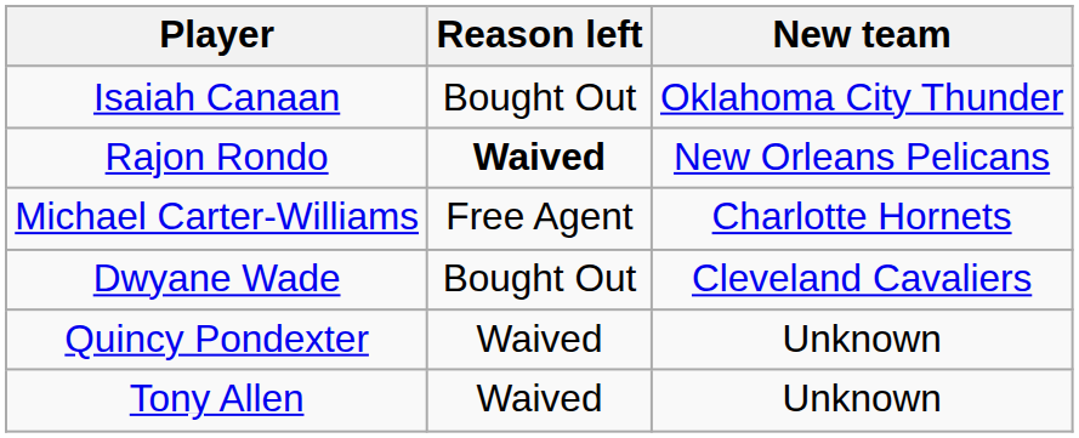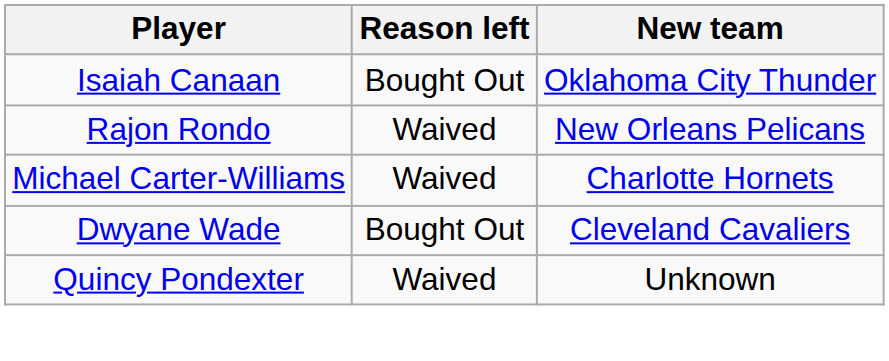 <table class="wikitable sortable sortable" style="text-align: center">
 <tr>
 <th>Player</th>
 <th>Reason left</th>
 <th>New team</th>
 </tr>
 <tr style="text-align: center">
 <td><a href='#'>Isaiah Canaan</a></td>
 <td>Bought Out</td>
 <td><a href='#'>Oklahoma City Thunder</a></td>
 </tr>
 <tr style="text-align: center">
 <td><a href='#'>Rajon Rondo</a></td>
-<td><strong>Waived</strong></td>
+<td>Waived</td>
 <td><a href='#'>New Orleans Pelicans</a></td>
 </tr>
 <tr style="text-align: center">
 <td><a href='#'>Michael Carter-Williams</a></td>
-<td>Free Agent</td>
+<td>Waived</td>
 <td><a href='#'>Charlotte Hornets</a></td>
 </tr>
 <tr style="text-align: center">
 <td><a href='#'>Dwyane Wade</a></td>
 <td>Bought Out</td>
 <td><a href='#'>Cleveland Cavaliers</a></td>
 </tr>
 <tr style="text-align: center">
 <td><a href='#'>Quincy Pondexter</a></td>
 <td>Waived</td>
 <td>Unknown</td>
 </tr>
-<tr style="text-align: center">
-<td><a href='#'>Tony Allen</a></td>
-<td>Waived</td>
-<td>Unknown</td>
-</tr>
 </table>
